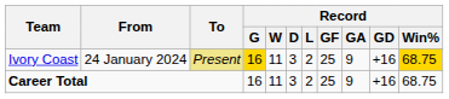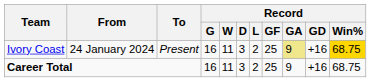 <table class="wikitable">
 <tr>
 <th rowspan="2">Team</th>
 <th rowspan="2">From</th>
 <th rowspan="2">To</th>
 <th colspan="8">Record</th>
 </tr>
 <tr>
 <th>G</th>
 <th>W</th>
 <th>D</th>
 <th>L</th>
 <th>GF</th>
 <th>GA</th>
 <th>GD</th>
 <th>Win%</th>
 </tr>
 <tr>
 <td><a href='#'>Ivory Coast</a></td>
 <td>24 January 2024</td>
-<td style="background: khaki;"><em>Present</em></td>
-<td style="background: gold;">16</td>
+<td><em>Present</em></td>
+<td>16</td>
 <td>11</td>
 <td>3</td>
 <td>2</td>
 <td>25</td>
-<td>9</td>
+<td style="background: khaki;">9</td>
 <td>+16</td>
 <td style="background: gold;">68.75</td>
 </tr>
 <tr>
 <td colspan="3"><strong>Career Total</strong></td>
 <td>16</td>
 <td>11</td>
 <td>3</td>
 <td>2</td>
 <td>25</td>
 <td>9</td>
 <td>+16</td>
 <td>68.75</td>
 </tr>
 </table>
